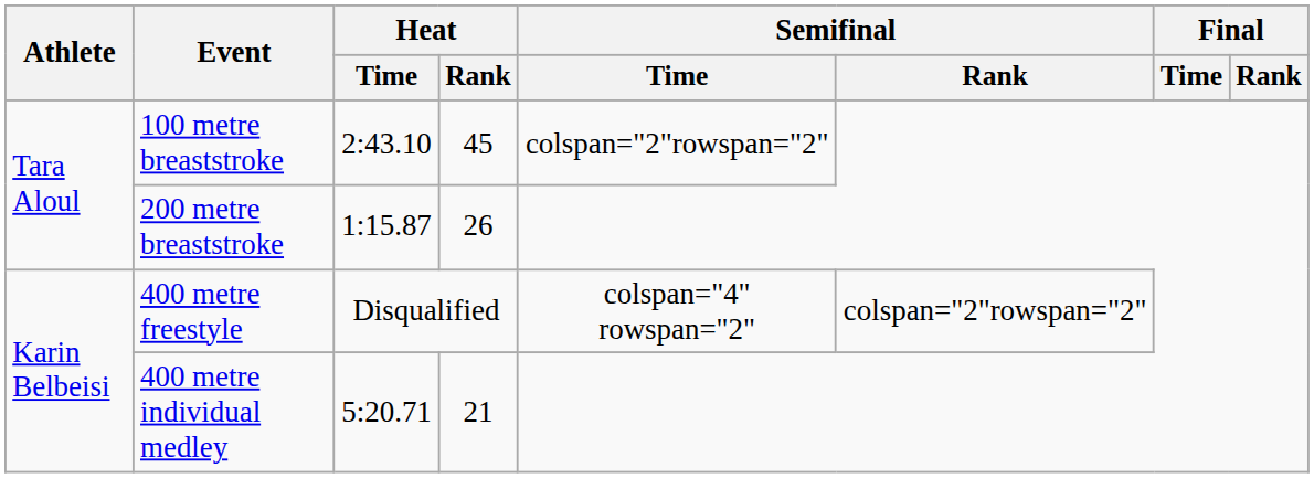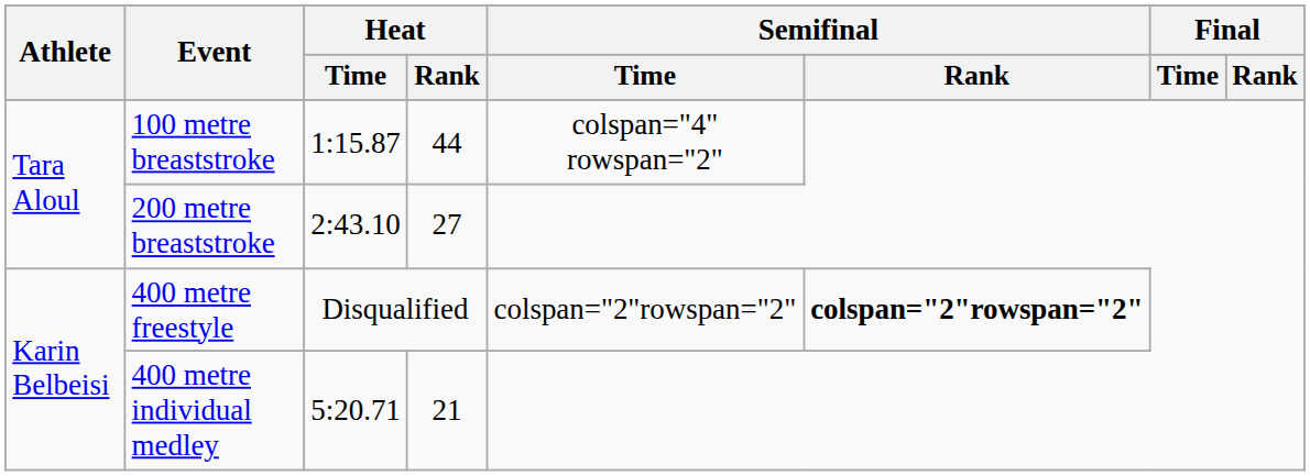 <table class="wikitable" style="text-align:center; font-size:90%; width:50%;">
 <tr>
 <th rowspan="2">Athlete</th>
 <th rowspan="2">Event</th>
 <th colspan="2">Heat</th>
 <th colspan="2">Semifinal</th>
 <th colspan="2">Final</th>
 </tr>
 <tr style="font-size:95%">
 <th>Time</th>
 <th>Rank</th>
 <th>Time</th>
 <th>Rank</th>
 <th>Time</th>
 <th>Rank</th>
 </tr>
 <tr align=center>
 <td align=left rowspan="2"><a href='#'>Tara Aloul</a></td>
 <td align=left><a href='#'>100 metre breaststroke</a></td>
-<td>2:43.10</td>
-<td>45</td>
-<td>colspan="2"rowspan="2"  </td>
+<td>1:15.87</td>
+<td>44</td>
+<td>colspan="4" rowspan="2" </td>
 </tr>
 <tr align=center>
 <td align=left><a href='#'>200 metre breaststroke</a></td>
-<td>1:15.87</td>
-<td>26</td>
+<td>2:43.10</td>
+<td>27</td>
 </tr>
 <tr align=center>
 <td align=left rowspan="2"><a href='#'>Karin Belbeisi</a></td>
 <td align=left><a href='#'>400 metre freestyle</a></td>
 <td colspan="2">Disqualified</td>
-<td>colspan="4" rowspan="2" </td>
 <td>colspan="2"rowspan="2"  </td>
+<td><strong>colspan="2"rowspan="2"  </strong></td>
 </tr>
 <tr align=center>
 <td align=left><a href='#'>400 metre individual medley</a></td>
 <td>5:20.71</td>
 <td>21</td>
 </tr>
 </table>
